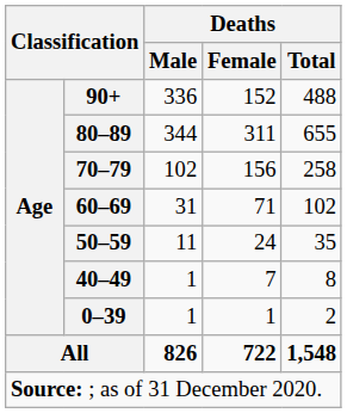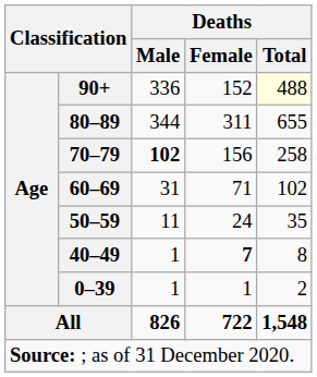 <table class="wikitable" style="text-align:right; font-size:90%">
 <tr>
 <th colspan="2" rowspan="2">Classification</th>
 <th colspan="3">Deaths</th>
 </tr>
 <tr>
 <th>Male</th>
 <th>Female</th>
 <th>Total</th>
 </tr>
 <tr>
 <th rowspan=7>Age</th>
 <th>90+</th>
 <td>336</td>
 <td>152</td>
-<td>488</td>
+<td style="background: lightyellow;">488</td>
 </tr>
 <tr>
 <th>80–89</th>
 <td>344</td>
 <td>311</td>
 <td>655</td>
 </tr>
 <tr>
 <th>70–79</th>
-<td>102</td>
+<td><strong>102</strong></td>
 <td>156</td>
 <td>258</td>
 </tr>
 <tr>
 <th>60–69</th>
 <td>31</td>
 <td>71</td>
 <td>102</td>
 </tr>
 <tr>
 <th>50–59</th>
 <td>11</td>
 <td>24</td>
 <td>35</td>
 </tr>
 <tr>
 <th>40–49</th>
 <td>1</td>
-<td>7</td>
+<td><strong>7</strong></td>
 <td>8</td>
 </tr>
 <tr>
 <th>0–39</th>
 <td>1</td>
 <td>1</td>
 <td>2</td>
 </tr>
 <tr>
 <th colspan="2">All</th>
 <td><strong>826</strong></td>
 <td><strong>722</strong></td>
 <td><strong>1,548</strong></td>
 </tr>
 <tr>
 <td colspan="5" style="text-align:left;"><strong>Source:</strong> ; as of 31 December 2020.</td>
 </tr>
 </table>
